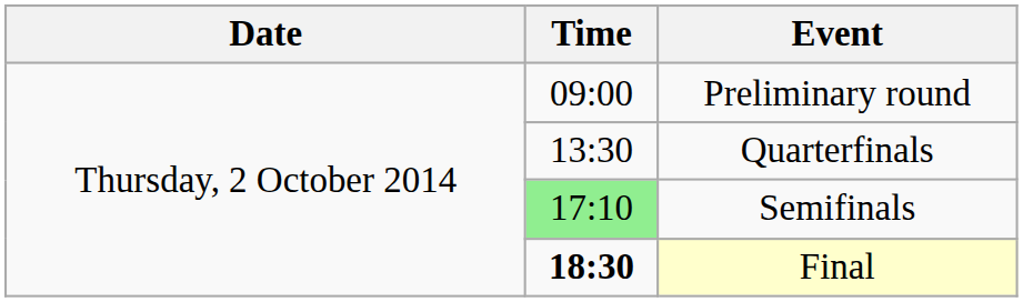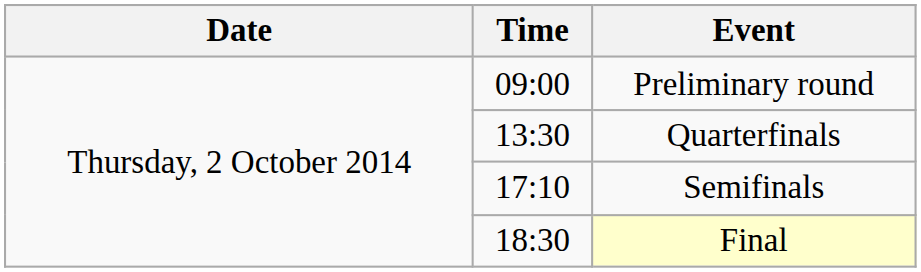 <table class = "wikitable" style="text-align:center;">
 <tr>
 <th width=220>Date</th>
 <th width=50>Time</th>
 <th width=150>Event</th>
 </tr>
 <tr>
 <td rowspan=4>Thursday, 2 October 2014</td>
 <td>09:00</td>
 <td>Preliminary round</td>
 </tr>
 <tr>
 <td>13:30</td>
 <td>Quarterfinals</td>
 </tr>
 <tr>
-<td style="background: lightgreen;">17:10</td>
+<td>17:10</td>
 <td>Semifinals</td>
 </tr>
 <tr>
-<td><strong>18:30</strong></td>
+<td>18:30</td>
 <td bgcolor=ffffcc>Final</td>
 </tr>
 </table>
